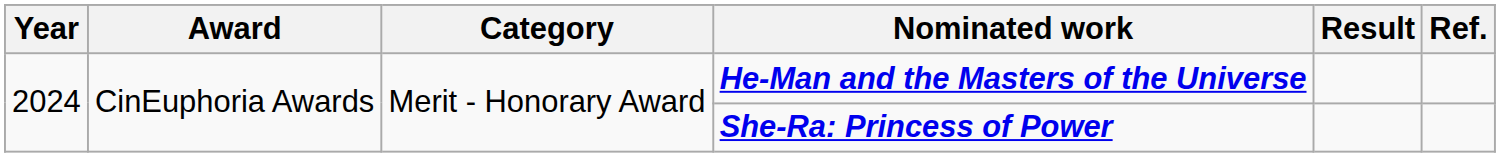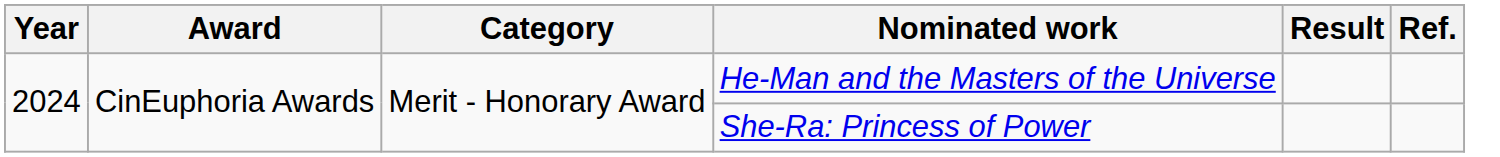 <table class="wikitable">
 <tr>
 <th>Year</th>
 <th>Award</th>
 <th>Category</th>
 <th>Nominated work</th>
 <th>Result</th>
 <th>Ref.</th>
 </tr>
 <tr>
 <td rowspan="2">2024</td>
 <td rowspan="2">CinEuphoria Awards</td>
 <td rowspan="2">Merit - Honorary Award</td>
-<td><strong><em><a href='#'>He-Man and the Masters of the Universe</a></em></strong></td>
+<td><em><a href='#'>He-Man and the Masters of the Universe</a></em></td>
 <td></td>
 <td></td>
 </tr>
 <tr>
-<td><strong><em><a href='#'>She-Ra: Princess of Power</a></em></strong></td>
+<td><em><a href='#'>She-Ra: Princess of Power</a></em></td>
 <td></td>
 <td></td>
 </tr>
 </table>
